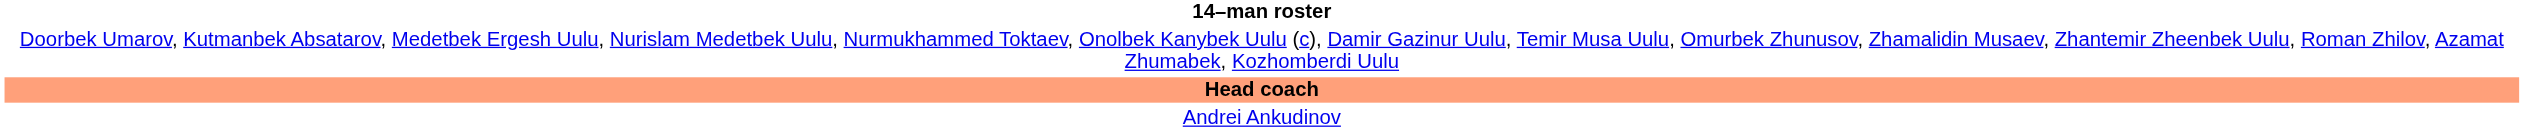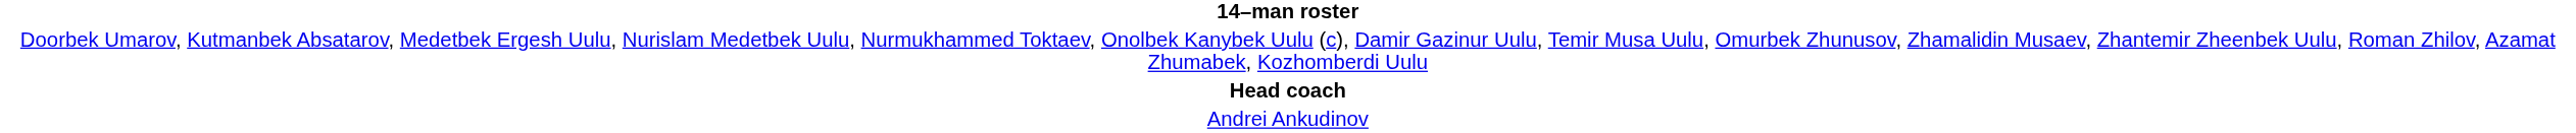 <table style="text-align:center; margin-top:2em; margin-left:auto; margin-right:auto">
 <tr>
 <td><strong>14–man roster</strong></td>
 </tr>
 <tr>
 <td><a href='#'>Doorbek Umarov</a>, <a href='#'>Kutmanbek Absatarov</a>, <a href='#'>Medetbek Ergesh Uulu</a>, <a href='#'>Nurislam Medetbek Uulu</a>, <a href='#'>Nurmukhammed Toktaev</a>, <a href='#'>Onolbek Kanybek Uulu</a> (<a href='#'>c</a>), <a href='#'>Damir Gazinur Uulu</a>, <a href='#'>Temir Musa Uulu</a>, <a href='#'>Omurbek Zhunusov</a>, <a href='#'>Zhamalidin Musaev</a>, <a href='#'>Zhantemir Zheenbek Uulu</a>, <a href='#'>Roman Zhilov</a>, <a href='#'>Azamat Zhumabek</a>, <a href='#'>Kozhomberdi Uulu</a></td>
 </tr>
 <tr>
-<td style="background: lightsalmon;"><strong>Head coach</strong></td>
+<td><strong>Head coach</strong></td>
 </tr>
 <tr>
 <td><a href='#'>Andrei Ankudinov</a></td>
 </tr>
 </table>
